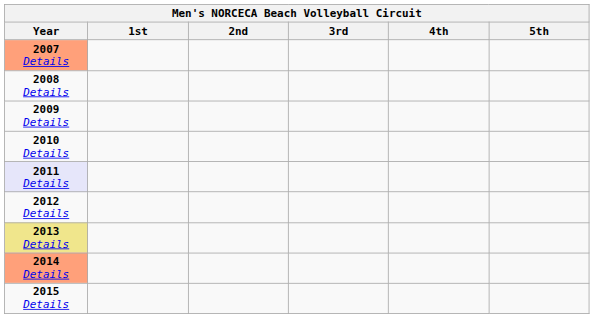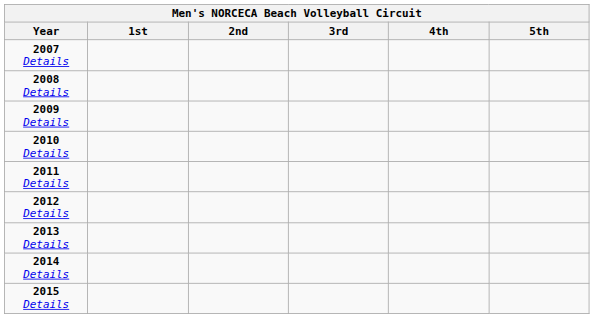 <table class="wikitable">
 <tr style= "background: #e2e2e2;">
 <th colspan=6 width=100%>Men's NORCECA Beach Volleyball Circuit</th>
 </tr>
 <tr style="background: #efefef;">
 <th width=10%>Year</th>
 <th width=12%>1st</th>
 <th width=12%>2nd</th>
 <th width=12%>3rd</th>
 <th width=12%>4th</th>
 <th width=12%>5th</th>
 </tr>
 <tr align=center>
-<td style="background: lightsalmon;"><strong>2007</strong><br><em><a href='#'>Details</a></em></td>
+<td><strong>2007</strong><br><em><a href='#'>Details</a></em></td>
 <td><strong></strong></td>
 <td></td>
 <td></td>
 <td></td>
 <td></td>
 </tr>
 <tr align=center>
 <td><strong>2008</strong><br><em><a href='#'>Details</a></em></td>
 <td><strong></strong></td>
 <td></td>
 <td></td>
 <td></td>
 <td></td>
 </tr>
 <tr align=center>
 <td><strong>2009</strong><br><em><a href='#'>Details</a></em></td>
 <td><strong></strong></td>
 <td></td>
 <td></td>
 <td></td>
 <td></td>
 </tr>
 <tr align=center>
 <td><strong>2010</strong><br><em><a href='#'>Details</a></em></td>
 <td><strong></strong></td>
 <td></td>
 <td></td>
 <td></td>
 <td></td>
 </tr>
 <tr align=center>
-<td style="background: lavender;"><strong>2011</strong><br><em><a href='#'>Details</a></em></td>
+<td><strong>2011</strong><br><em><a href='#'>Details</a></em></td>
 <td><strong></strong></td>
 <td></td>
 <td></td>
 <td></td>
 <td></td>
 </tr>
 <tr align=center>
 <td><strong>2012</strong><br><em><a href='#'>Details</a></em></td>
 <td><strong></strong></td>
 <td></td>
 <td></td>
 <td></td>
 <td></td>
 </tr>
 <tr align=center>
-<td style="background: khaki;"><strong>2013</strong><br><em><a href='#'>Details</a></em></td>
+<td><strong>2013</strong><br><em><a href='#'>Details</a></em></td>
 <td><strong></strong></td>
 <td></td>
 <td></td>
 <td></td>
 <td></td>
 </tr>
 <tr align=center>
-<td style="background: lightsalmon;"><strong>2014</strong><br><em><a href='#'>Details</a></em></td>
+<td><strong>2014</strong><br><em><a href='#'>Details</a></em></td>
 <td><strong></strong></td>
 <td></td>
 <td></td>
 <td></td>
 <td></td>
 </tr>
 <tr align=center>
 <td><strong>2015</strong><br><em><a href='#'>Details</a></em></td>
 <td><strong></strong></td>
 <td></td>
 <td></td>
 <td></td>
 <td></td>
 </tr>
 </table>
